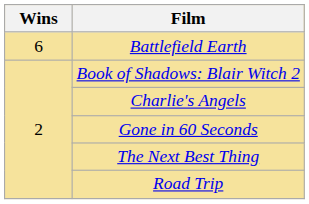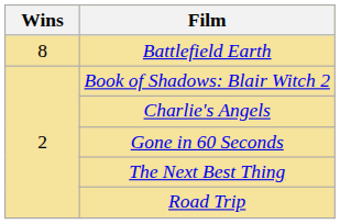 <table class="wikitable sortable" rowspan=2 style="text-align: center; background: #f6e39c">
 <tr>
 <th scope="col" width="55">Wins</th>
 <th scope="col" align="center">Film</th>
 </tr>
 <tr>
-<td>6</td>
+<td>8</td>
 <td><em><a href='#'>Battlefield Earth</a></em></td>
 </tr>
 <tr>
 <td rowspan="5" style="text-align:center">2</td>
 <td><em><a href='#'>Book of Shadows: Blair Witch 2</a></em></td>
 </tr>
 <tr>
 <td><em><a href='#'>Charlie's Angels</a></em></td>
 </tr>
 <tr>
 <td><em><a href='#'>Gone in 60 Seconds</a></em></td>
 </tr>
 <tr>
 <td><em><a href='#'>The Next Best Thing</a></em></td>
 </tr>
 <tr>
 <td><em><a href='#'>Road Trip</a></em></td>
 </tr>
 <tr>
 </tr>
 </table>
